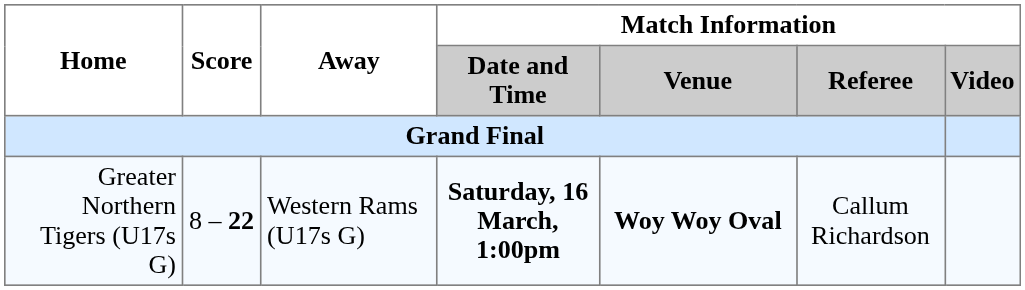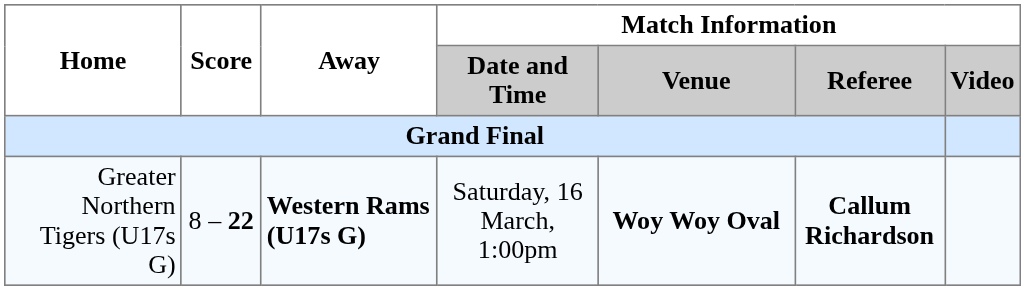 <table width="100%" cellspacing="0" cellpadding="3" border="1" style="border-collapse:collapse;  text-align:center;">
 <tr>
 <th rowspan="2" width="19%">Home</th>
 <th rowspan="2" width="8%">Score</th>
 <th rowspan="2" width="19%">Away</th>
 <th colspan="4">Match Information</th>
 </tr>
 <tr bgcolor="#CCCCCC">
 <th width="17%">Date and Time</th>
 <th width="22%">Venue</th>
 <th width="50%">Referee</th>
 <th>Video</th>
 </tr>
 <tr style="background:#d0e7ff;">
 <td colspan="6"><strong>Grand Final</strong></td>
 <td></td>
 </tr>
 <tr style="text-align:center; background:#f5faff;">
 <td align="right">Greater Northern Tigers (U17s G) </td>
 <td>8 – <strong>22</strong></td>
-<td align="left"> Western Rams (U17s G)</td>
-<td><strong>Saturday, 16 March, 1:00pm</strong></td>
+<td align="left"><strong> Western Rams (U17s G)</strong></td>
+<td>Saturday, 16 March, 1:00pm</td>
 <td><strong>Woy Woy Oval</strong></td>
-<td>Callum Richardson</td>
+<td><strong>Callum Richardson</strong></td>
 <td></td>
 </tr>
 </table>
